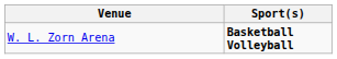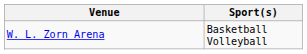 <table class= wikitable>
 <tr>
 <th width=250px>Venue</th>
 <th width=120px>Sport(s)</th>
 </tr>
 <tr>
 <td><a href='#'>W. L. Zorn Arena</a></td>
-<td><strong>Basketball <br> Volleyball</strong></td>
+<td>Basketball <br> Volleyball</td>
 </tr>
 </table>
